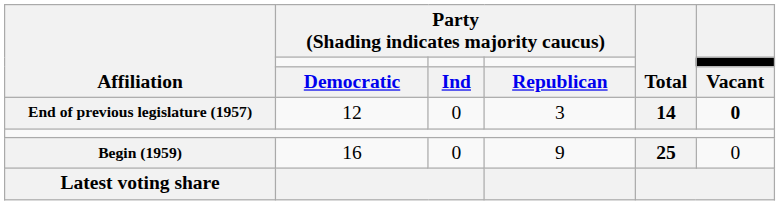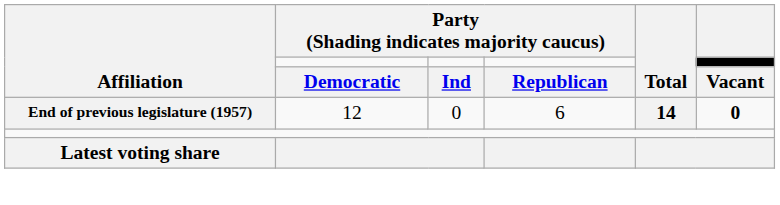 <table class=wikitable style="text-align:center; width:50%">
 <tr style="vertical-align:bottom;">
 <th rowspan=3>Affiliation</th>
 <th colspan=3>Party <div>(Shading indicates majority caucus)</div></th>
 <th rowspan=3>Total</th>
 <th></th>
 </tr>
 <tr style="height:5px">
 <td style="background-color:"></td>
 <td style="background-color:"></td>
 <td style="background-color:"></td>
 <td style="background-color:black"></td>
 </tr>
 <tr>
 <th><a href='#'>Democratic</a></th>
 <th><a href='#'>Ind</a></th>
 <th><a href='#'>Republican</a></th>
 <th>Vacant</th>
 </tr>
 <tr>
 <th nowrap style="font-size:80%">End of previous legislature (1957)</th>
 <td>12</td>
 <td>0</td>
-<td>3</td>
+<td>6</td>
 <th>14</th>
 <td><strong>0</strong></td>
 </tr>
 <tr>
 <td colspan=6></td>
-</tr>
-<tr>
-<th nowrap style="font-size:80%">Begin (1959)</th>
-<td>16</td>
-<td>0</td>
-<td>9</td>
-<th>25</th>
-<td>0</td>
 </tr>
 <tr>
 <th>Latest voting share</th>
 <th colspan=2 ></th>
 <th></th>
 <th colspan=2></th>
 </tr>
 </table>
